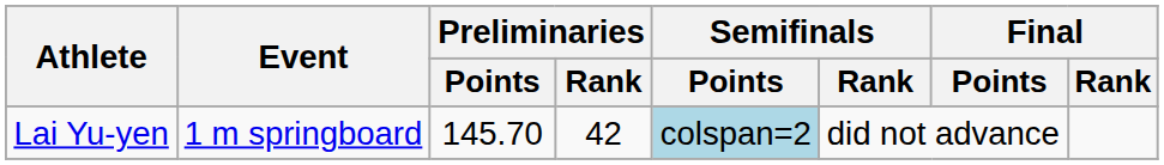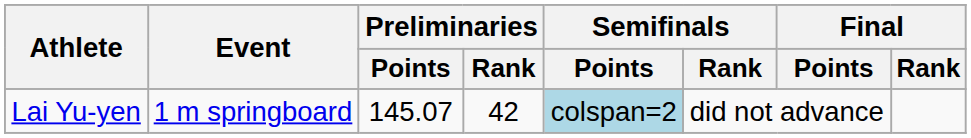 <table class="wikitable" style="text-align:center; font-size:90%">
 <tr>
 <th rowspan="2">Athlete</th>
 <th rowspan="2">Event</th>
 <th colspan="2">Preliminaries</th>
 <th colspan="2">Semifinals</th>
 <th colspan="2">Final</th>
 </tr>
 <tr style="font-size:95%">
 <th>Points</th>
 <th>Rank</th>
 <th>Points</th>
 <th>Rank</th>
 <th>Points</th>
 <th>Rank</th>
 </tr>
 <tr>
 <td align=left><a href='#'>Lai Yu-yen</a></td>
 <td align=left><a href='#'>1 m springboard</a></td>
-<td>145.70</td>
+<td>145.07</td>
 <td>42</td>
 <td style="background: lightblue;">colspan=2 </td>
 <td colspan=2>did not advance</td>
 </tr>
 </table>
